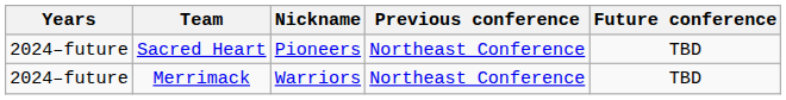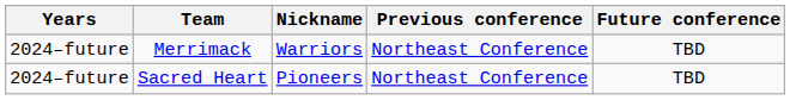 <table class="wikitable sortable" style="text-align:center;">
 <tr>
 <th width=px>Years</th>
 <th width=px>Team</th>
 <th width=px>Nickname</th>
 <th width=px>Previous conference</th>
 <th width=px>Future conference</th>
 </tr>
 <tr>
 <td>2024–future</td>
+<td><a href='#'>Merrimack</a></td>
+<td><a href='#'>Warriors</a></td>
+<td><a href='#'>Northeast Conference</a></td>
+<td>TBD</td>
+</tr>
+<tr>
+<td>2024–future</td>
 <td><a href='#'>Sacred Heart</a></td>
 <td><a href='#'>Pioneers</a></td>
 <td><a href='#'>Northeast Conference</a></td>
 <td>TBD</td>
 </tr>
-<tr>
-<td>2024–future</td>
-<td><a href='#'>Merrimack</a></td>
-<td><a href='#'>Warriors</a></td>
-<td><a href='#'>Northeast Conference</a></td>
-<td>TBD</td>
-</tr>
 </table>
